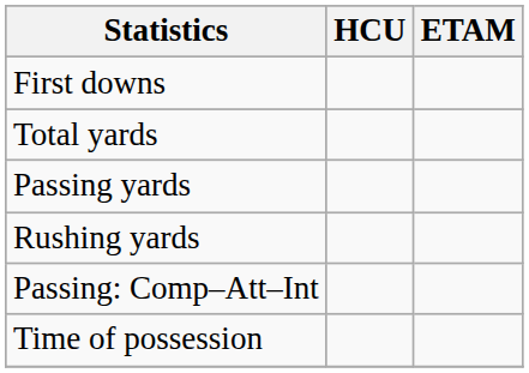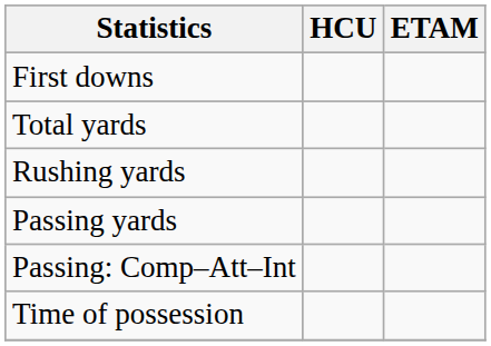 <table class="wikitable" style="float: left;">
 <tr>
 <th>Statistics</th>
 <th>HCU</th>
 <th>ETAM</th>
 </tr>
 <tr>
 <td>First downs</td>
 <td></td>
 <td></td>
 </tr>
 <tr>
 <td>Total yards</td>
 <td></td>
 <td></td>
 </tr>
 <tr>
-<td>Passing yards</td>
+<td>Rushing yards</td>
 <td></td>
 <td></td>
 </tr>
 <tr>
-<td>Rushing yards</td>
+<td>Passing yards</td>
 <td></td>
 <td></td>
 </tr>
 <tr>
 <td>Passing: Comp–Att–Int</td>
 <td></td>
 <td></td>
 </tr>
 <tr>
 <td>Time of possession</td>
 <td></td>
 <td></td>
 </tr>
 <tr>
 </tr>
 </table>
